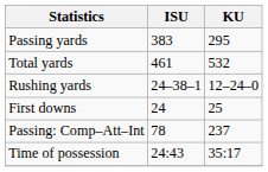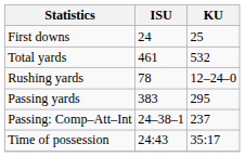 <table class="wikitable" style="float: left;">
 <tr>
 <th>Statistics</th>
 <th>ISU</th>
 <th>KU</th>
 </tr>
 <tr>
-<td>Passing yards</td>
-<td>383</td>
-<td>295</td>
+<td>First downs</td>
+<td>24</td>
+<td>25</td>
 </tr>
 <tr>
 <td>Total yards</td>
 <td>461</td>
 <td>532</td>
 </tr>
 <tr>
 <td>Rushing yards</td>
-<td>24–38–1</td>
+<td>78</td>
 <td>12–24–0</td>
 </tr>
 <tr>
-<td>First downs</td>
-<td>24</td>
-<td>25</td>
+<td>Passing yards</td>
+<td>383</td>
+<td>295</td>
 </tr>
 <tr>
 <td>Passing: Comp–Att–Int</td>
-<td>78</td>
+<td>24–38–1</td>
 <td>237</td>
 </tr>
 <tr>
 <td>Time of possession</td>
 <td>24:43</td>
 <td>35:17</td>
 </tr>
 <tr>
 </tr>
 </table>
